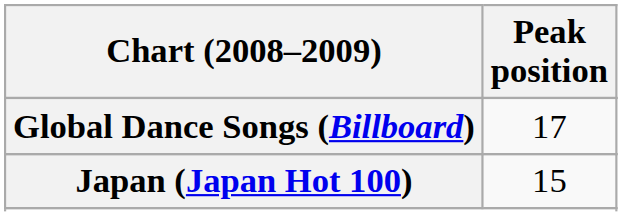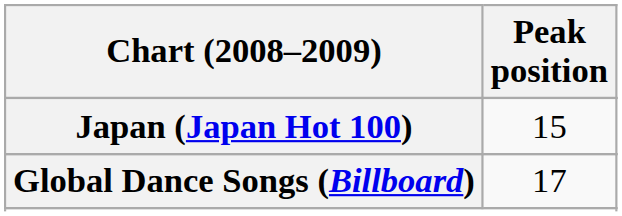 <table class="wikitable sortable plainrowheaders">
 <tr>
 <th scope="col">Chart (2008–2009)</th>
 <th scope="col">Peak<br>position</th>
 </tr>
 <tr>
 </tr>
 <tr>
 </tr>
 <tr>
 </tr>
 <tr>
 </tr>
 <tr>
 </tr>
 <tr>
 </tr>
 <tr>
-<th scope="row">Global Dance Songs (<em><a href='#'>Billboard</a></em>)</th>
-<td style="text-align:center;">17</td>
+<th scope="row">Japan (<a href='#'>Japan Hot 100</a>)</th>
+<td style="text-align:center">15</td>
 </tr>
 <tr>
 </tr>
 <tr>
 </tr>
 <tr>
-<th scope="row">Japan (<a href='#'>Japan Hot 100</a>)</th>
-<td style="text-align:center">15</td>
+<th scope="row">Global Dance Songs (<em><a href='#'>Billboard</a></em>)</th>
+<td style="text-align:center;">17</td>
 </tr>
 <tr>
 </tr>
 <tr>
 </tr>
 <tr>
 </tr>
 <tr>
 </tr>
 <tr>
 </tr>
 <tr>
 </tr>
 <tr>
 </tr>
 <tr>
 </tr>
 <tr>
 </tr>
 </table>
